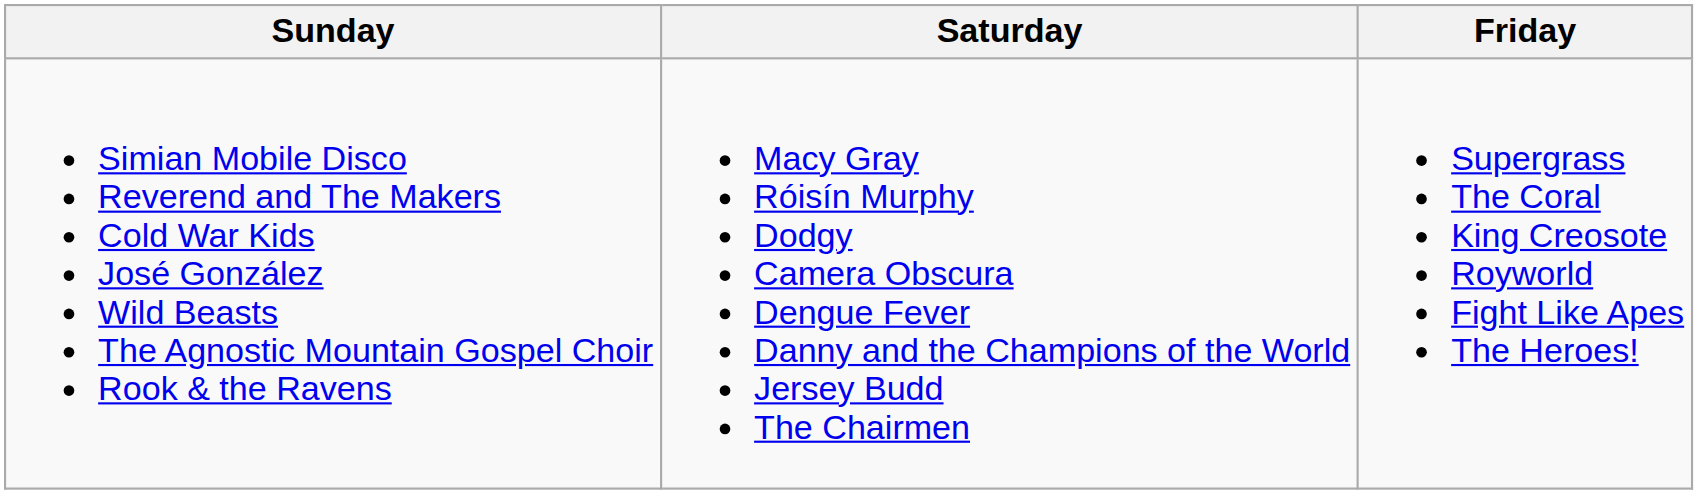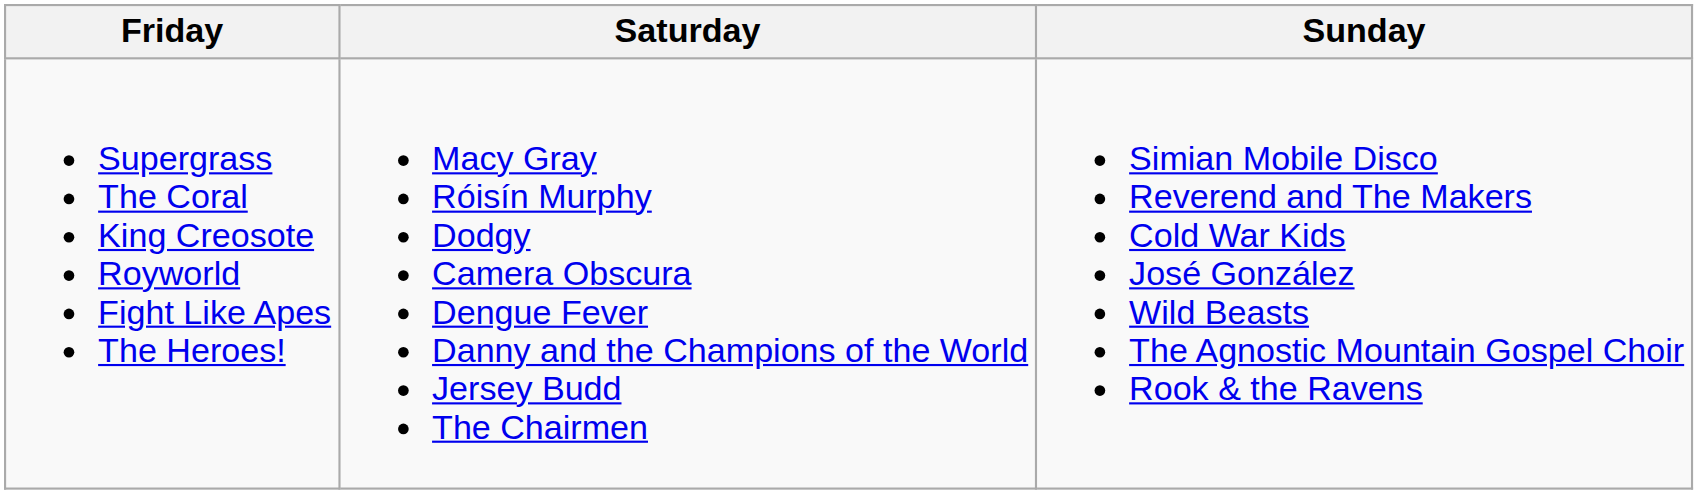 <table class="wikitable">
 <tr>
+<th>Friday</th>
+<th>Saturday</th>
 <th>Sunday</th>
-<th>Saturday</th>
-<th>Friday</th>
 </tr>
 <tr>
+<td valign=top><br><ul><li><a href='#'>Supergrass</a></li><li><a href='#'>The Coral</a></li><li><a href='#'>King Creosote</a></li><li><a href='#'>Royworld</a></li><li><a href='#'>Fight Like Apes</a></li><li><a href='#'>The Heroes!</a></li></ul></td>
+<td valign=top><br><ul><li><a href='#'>Macy Gray</a></li><li><a href='#'>Róisín Murphy</a></li><li><a href='#'>Dodgy</a></li><li><a href='#'>Camera Obscura</a></li><li><a href='#'>Dengue Fever</a></li><li><a href='#'>Danny and the Champions of the World</a></li><li><a href='#'>Jersey Budd</a></li><li><a href='#'>The Chairmen</a></li></ul></td>
 <td valign=top><br><ul><li><a href='#'>Simian Mobile Disco</a></li><li><a href='#'>Reverend and The Makers</a></li><li><a href='#'>Cold War Kids</a></li><li><a href='#'>José González</a></li><li><a href='#'>Wild Beasts</a></li><li><a href='#'>The Agnostic Mountain Gospel Choir</a></li><li><a href='#'>Rook & the Ravens</a></li></ul></td>
-<td valign=top><br><ul><li><a href='#'>Macy Gray</a></li><li><a href='#'>Róisín Murphy</a></li><li><a href='#'>Dodgy</a></li><li><a href='#'>Camera Obscura</a></li><li><a href='#'>Dengue Fever</a></li><li><a href='#'>Danny and the Champions of the World</a></li><li><a href='#'>Jersey Budd</a></li><li><a href='#'>The Chairmen</a></li></ul></td>
-<td valign=top><br><ul><li><a href='#'>Supergrass</a></li><li><a href='#'>The Coral</a></li><li><a href='#'>King Creosote</a></li><li><a href='#'>Royworld</a></li><li><a href='#'>Fight Like Apes</a></li><li><a href='#'>The Heroes!</a></li></ul></td>
 </tr>
 </table>
